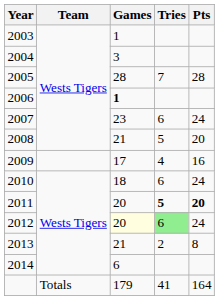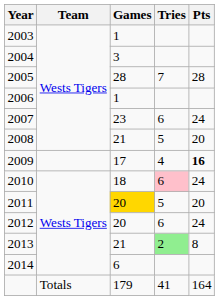 <table class="wikitable">
 <tr>
 <th>Year</th>
 <th>Team</th>
 <th>Games</th>
 <th>Tries</th>
 <th>Pts</th>
 </tr>
 <tr>
 <td>2003</td>
 <td rowspan="6"> <a href='#'>Wests Tigers</a></td>
 <td>1</td>
 <td></td>
 <td></td>
 </tr>
 <tr>
 <td>2004</td>
 <td>3</td>
 <td></td>
 <td></td>
 </tr>
 <tr>
 <td>2005</td>
 <td>28</td>
 <td>7</td>
 <td>28</td>
 </tr>
 <tr>
 <td>2006</td>
-<td><strong>1</strong></td>
+<td>1</td>
 <td></td>
 <td></td>
 </tr>
 <tr>
 <td>2007</td>
 <td>23</td>
 <td>6</td>
 <td>24</td>
 </tr>
 <tr>
 <td>2008</td>
 <td>21</td>
 <td>5</td>
 <td>20</td>
 </tr>
 <tr>
 <td>2009</td>
 <td></td>
 <td>17</td>
 <td>4</td>
-<td>16</td>
+<td><strong>16</strong></td>
 </tr>
 <tr>
 <td>2010</td>
 <td rowspan="5"> <a href='#'>Wests Tigers</a></td>
 <td>18</td>
-<td>6</td>
+<td style="background: pink;">6</td>
 <td>24</td>
 </tr>
 <tr>
 <td>2011</td>
+<td style="background: gold;">20</td>
+<td>5</td>
 <td>20</td>
-<td><strong>5</strong></td>
-<td><strong>20</strong></td>
 </tr>
 <tr>
 <td>2012</td>
-<td style="background: lightyellow;">20</td>
-<td style="background: lightgreen;">6</td>
+<td>20</td>
+<td>6</td>
 <td>24</td>
 </tr>
 <tr>
 <td>2013</td>
 <td>21</td>
-<td>2</td>
+<td style="background: lightgreen;">2</td>
 <td>8</td>
 </tr>
 <tr>
 <td>2014</td>
 <td>6</td>
 <td></td>
 <td></td>
 </tr>
 <tr>
 <td></td>
 <td>Totals</td>
 <td>179</td>
 <td>41</td>
 <td>164</td>
 </tr>
 </table>
